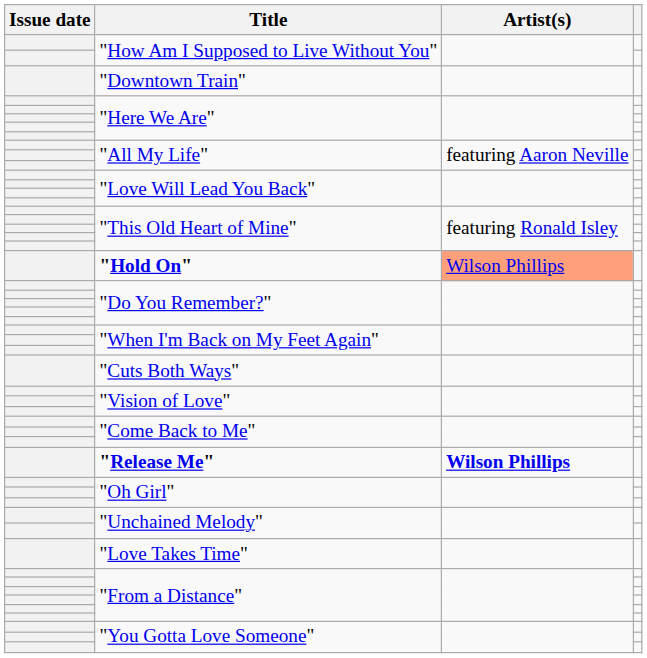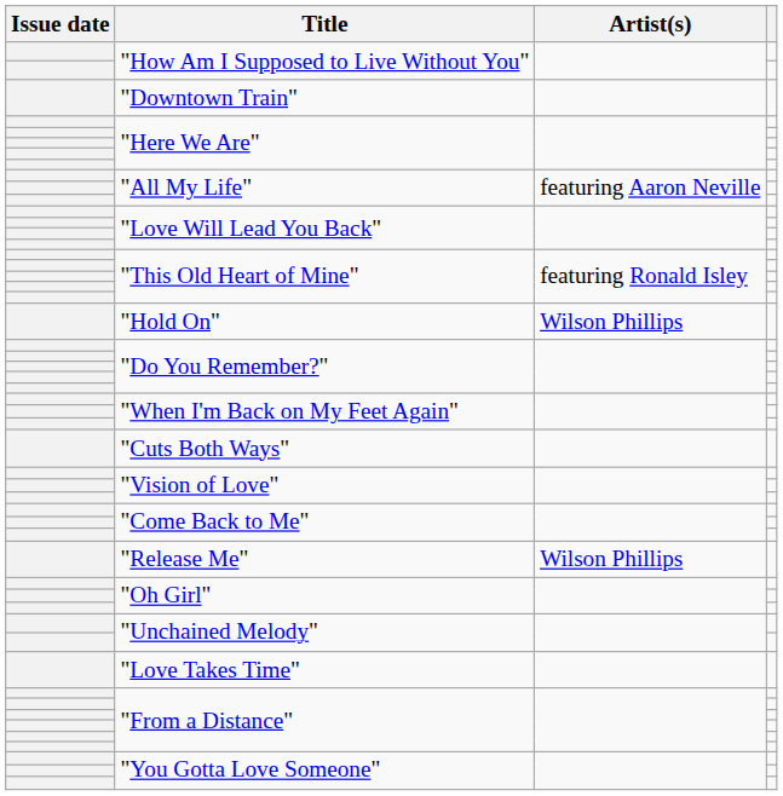 <table class="wikitable sortable plainrowheaders">
 <tr>
 <th scope=col>Issue date</th>
 <th scope=col>Title</th>
 <th scope=col>Artist(s)</th>
 <th scope=col class=unsortable></th>
 </tr>
 <tr>
 <th scope=row></th>
 <td rowspan="2">"<a href='#'>How Am I Supposed to Live Without You</a>"</td>
 <td rowspan="2"></td>
 <td align=center></td>
 </tr>
 <tr>
 <th scope=row></th>
 <td align=center></td>
 </tr>
 <tr>
 <th scope=row></th>
 <td rowspan="1">"<a href='#'>Downtown Train</a>"</td>
 <td rowspan="1"></td>
 <td align=center></td>
 </tr>
 <tr>
 <th scope=row></th>
 <td rowspan="5">"<a href='#'>Here We Are</a>"</td>
 <td rowspan="5"></td>
 <td align=center></td>
 </tr>
 <tr>
 <th scope=row></th>
 <td align=center></td>
 </tr>
 <tr>
 <th scope=row></th>
 <td align=center></td>
 </tr>
 <tr>
 <th scope=row></th>
 <td align=center></td>
 </tr>
 <tr>
 <th scope=row></th>
 <td align=center></td>
 </tr>
 <tr>
 <th scope=row></th>
 <td rowspan="3">"<a href='#'>All My Life</a>"</td>
 <td rowspan="3"> featuring <a href='#'>Aaron Neville</a></td>
 <td align=center></td>
 </tr>
 <tr>
 <th scope=row></th>
 <td align=center></td>
 </tr>
 <tr>
 <th scope=row></th>
 <td align=center></td>
 </tr>
 <tr>
 <th scope=row></th>
 <td rowspan="4">"<a href='#'>Love Will Lead You Back</a>"</td>
 <td rowspan="4"></td>
 <td align=center></td>
 </tr>
 <tr>
 <th scope=row></th>
 <td align=center></td>
 </tr>
 <tr>
 <th scope=row></th>
 <td align=center></td>
 </tr>
 <tr>
 <th scope=row></th>
 <td align=center></td>
 </tr>
 <tr>
 <th scope=row></th>
 <td rowspan="5">"<a href='#'>This Old Heart of Mine</a>"</td>
 <td rowspan="5"> featuring <a href='#'>Ronald Isley</a></td>
 <td align=center></td>
 </tr>
 <tr>
 <th scope=row></th>
 <td align=center></td>
 </tr>
 <tr>
 <th scope=row></th>
 <td align=center></td>
 </tr>
 <tr>
 <th scope=row></th>
 <td align=center></td>
 </tr>
 <tr>
 <th scope=row></th>
 <td align=center></td>
 </tr>
 <tr>
 <th scope=row></th>
-<td rowspan="1"><strong>"<a href='#'>Hold On</a>"</strong></td>
-<td rowspan="1" style="background: lightsalmon;"><a href='#'>Wilson Phillips</a></td>
+<td rowspan="1">"<a href='#'>Hold On</a>"</td>
+<td rowspan="1"><a href='#'>Wilson Phillips</a></td>
 <td align=center></td>
 </tr>
 <tr>
 <th scope=row></th>
 <td rowspan="5">"<a href='#'>Do You Remember?</a>"</td>
 <td rowspan="5"></td>
 <td align=center></td>
 </tr>
 <tr>
 <th scope=row></th>
 <td align=center></td>
 </tr>
 <tr>
 <th scope=row></th>
 <td align=center></td>
 </tr>
 <tr>
 <th scope=row></th>
 <td align=center></td>
 </tr>
 <tr>
 <th scope=row></th>
 <td align=center></td>
 </tr>
 <tr>
 <th scope=row></th>
 <td rowspan="3">"<a href='#'>When I'm Back on My Feet Again</a>"</td>
 <td rowspan="3"></td>
 <td align=center></td>
 </tr>
 <tr>
 <th scope=row></th>
 <td align=center></td>
 </tr>
 <tr>
 <th scope=row></th>
 <td align=center></td>
 </tr>
 <tr>
 <th scope=row></th>
 <td rowspan="1">"<a href='#'>Cuts Both Ways</a>"</td>
 <td rowspan="1"></td>
 <td align=center></td>
 </tr>
 <tr>
 <th scope=row></th>
 <td rowspan="3">"<a href='#'>Vision of Love</a>"</td>
 <td rowspan="3"></td>
 <td align=center></td>
 </tr>
 <tr>
 <th scope=row></th>
 <td align=center></td>
 </tr>
 <tr>
 <th scope=row></th>
 <td align=center></td>
 </tr>
 <tr>
 <th scope=row></th>
 <td rowspan="3">"<a href='#'>Come Back to Me</a>"</td>
 <td rowspan="3"></td>
 <td align=center></td>
 </tr>
 <tr>
 <th scope=row></th>
 <td align=center></td>
 </tr>
 <tr>
 <th scope=row></th>
 <td align=center></td>
 </tr>
 <tr>
 <th scope=row></th>
-<td rowspan="1"><strong>"<a href='#'>Release Me</a>"</strong></td>
-<td rowspan="1"><strong><a href='#'>Wilson Phillips</a></strong></td>
+<td rowspan="1">"<a href='#'>Release Me</a>"</td>
+<td rowspan="1"><a href='#'>Wilson Phillips</a></td>
 <td align=center></td>
 </tr>
 <tr>
 <th scope=row></th>
 <td rowspan="3">"<a href='#'>Oh Girl</a>"</td>
 <td rowspan="3"></td>
 <td align=center></td>
 </tr>
 <tr>
 <th scope=row></th>
 <td align=center></td>
 </tr>
 <tr>
 <th scope=row></th>
 <td align=center></td>
 </tr>
 <tr>
 <th scope=row></th>
 <td rowspan="2">"<a href='#'>Unchained Melody</a>"</td>
 <td rowspan="2"></td>
 <td align=center></td>
 </tr>
 <tr>
 <th scope=row></th>
 <td align=center></td>
 </tr>
 <tr>
 <th scope=row></th>
 <td rowspan="1">"<a href='#'>Love Takes Time</a>"</td>
 <td rowspan="1"></td>
 <td align=center></td>
 </tr>
 <tr>
 <th scope=row></th>
 <td rowspan="6">"<a href='#'>From a Distance</a>"</td>
 <td rowspan="6"></td>
 <td align=center></td>
 </tr>
 <tr>
 <th scope=row></th>
 <td align=center></td>
 </tr>
 <tr>
 <th scope=row></th>
 <td align=center></td>
 </tr>
 <tr>
 <th scope=row></th>
 <td align=center></td>
 </tr>
 <tr>
 <th scope=row></th>
 <td align=center></td>
 </tr>
 <tr>
 <th scope=row></th>
 <td align=center></td>
 </tr>
 <tr>
 <th scope=row></th>
 <td rowspan="3">"<a href='#'>You Gotta Love Someone</a>"</td>
 <td rowspan="3"></td>
 <td align=center></td>
 </tr>
 <tr>
 <th scope=row></th>
 <td align=center></td>
 </tr>
 <tr>
 <th scope=row></th>
 <td align=center></td>
 </tr>
 </table>
